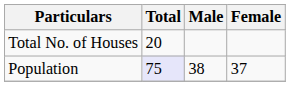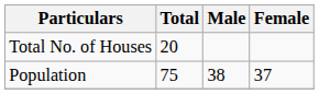 <table class="wikitable sortable">
 <tr>
 <th>Particulars</th>
 <th>Total</th>
 <th>Male</th>
 <th>Female</th>
 </tr>
 <tr>
 <td>Total No. of Houses</td>
 <td>20</td>
 <td></td>
 <td></td>
 </tr>
 <tr>
 <td>Population</td>
-<td style="background: lavender;">75</td>
+<td>75</td>
 <td>38</td>
 <td>37</td>
 </tr>
 <tr>
 </tr>
 </table>
